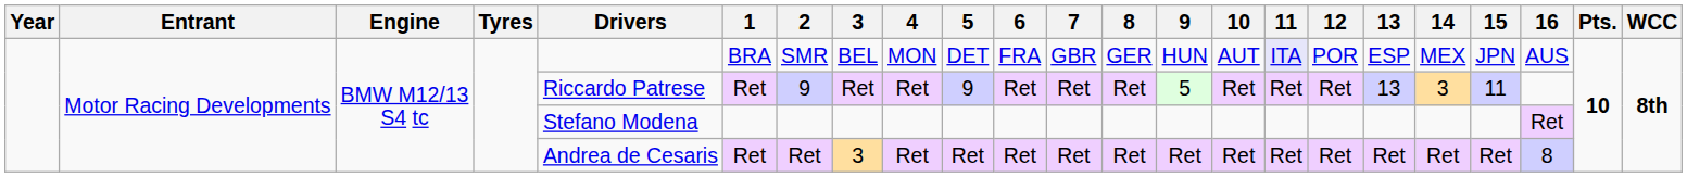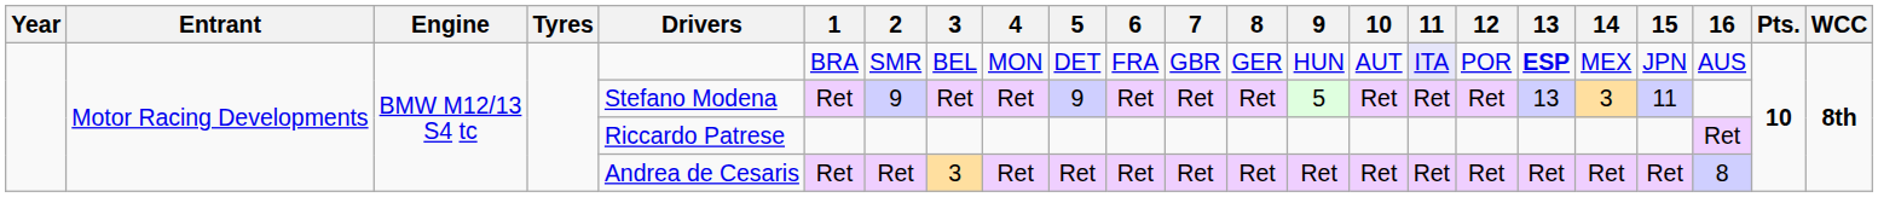 <table class="wikitable" style="text-align:center; font-size:95%">
 <tr>
 <th>Year</th>
 <th>Entrant</th>
 <th>Engine</th>
 <th>Tyres</th>
 <th>Drivers</th>
 <th>1</th>
 <th>2</th>
 <th>3</th>
 <th>4</th>
 <th>5</th>
 <th>6</th>
 <th>7</th>
 <th>8</th>
 <th>9</th>
 <th>10</th>
 <th>11</th>
 <th>12</th>
 <th>13</th>
 <th>14</th>
 <th>15</th>
 <th>16</th>
 <th>Pts.</th>
 <th>WCC</th>
 </tr>
 <tr>
 <td rowspan="4"></td>
 <td rowspan="4"><a href='#'>Motor Racing Developments</a></td>
 <td rowspan="4"><a href='#'>BMW M12/13</a><br><a href='#'>S4</a> <a href='#'>tc</a></td>
 <td rowspan="4"></td>
 <td></td>
 <td><a href='#'>BRA</a></td>
 <td><a href='#'>SMR</a></td>
 <td><a href='#'>BEL</a></td>
 <td><a href='#'>MON</a></td>
 <td><a href='#'>DET</a></td>
 <td><a href='#'>FRA</a></td>
 <td><a href='#'>GBR</a></td>
 <td><a href='#'>GER</a></td>
 <td><a href='#'>HUN</a></td>
 <td><a href='#'>AUT</a></td>
 <td style="background: lavender;"><a href='#'>ITA</a></td>
 <td><a href='#'>POR</a></td>
-<td><a href='#'>ESP</a></td>
+<td><strong><a href='#'>ESP</a></strong></td>
 <td><a href='#'>MEX</a></td>
 <td><a href='#'>JPN</a></td>
 <td><a href='#'>AUS</a></td>
 <td rowspan="4"><strong>10</strong></td>
 <td rowspan="4"><strong>8th</strong></td>
 </tr>
 <tr>
-<td align="left"><a href='#'>Riccardo Patrese</a></td>
+<td align="left"><a href='#'>Stefano Modena</a></td>
 <td style="background:#efcfff;">Ret</td>
 <td style="background:#cfcfff;">9</td>
 <td style="background:#efcfff;">Ret</td>
 <td style="background:#efcfff;">Ret</td>
 <td style="background:#cfcfff;">9</td>
 <td style="background:#efcfff;">Ret</td>
 <td style="background:#efcfff;">Ret</td>
 <td style="background:#efcfff;">Ret</td>
 <td style="background:#dfffdf;">5</td>
 <td style="background:#efcfff;">Ret</td>
 <td style="background:#efcfff;">Ret</td>
 <td style="background:#efcfff;">Ret</td>
 <td style="background:#cfcfff;">13</td>
 <td style="background:#ffdf9f;">3</td>
 <td style="background:#cfcfff;">11</td>
 <td></td>
 </tr>
 <tr>
-<td align="left"><a href='#'>Stefano Modena</a></td>
+<td align="left"><a href='#'>Riccardo Patrese</a></td>
 <td></td>
 <td></td>
 <td></td>
 <td></td>
 <td></td>
 <td></td>
 <td></td>
 <td></td>
 <td></td>
 <td></td>
 <td></td>
 <td></td>
 <td></td>
 <td></td>
 <td></td>
 <td style="background:#efcfff;">Ret</td>
 </tr>
 <tr>
 <td align="left"><a href='#'>Andrea de Cesaris</a></td>
 <td style="background:#efcfff;">Ret</td>
 <td style="background:#efcfff;">Ret</td>
 <td style="background:#ffdf9f;">3</td>
 <td style="background:#efcfff;">Ret</td>
 <td style="background:#efcfff;">Ret</td>
 <td style="background:#efcfff;">Ret</td>
 <td style="background:#efcfff;">Ret</td>
 <td style="background:#efcfff;">Ret</td>
 <td style="background:#efcfff;">Ret</td>
 <td style="background:#efcfff;">Ret</td>
 <td style="background:#efcfff;">Ret</td>
 <td style="background:#efcfff;">Ret</td>
 <td style="background:#efcfff;">Ret</td>
 <td style="background:#efcfff;">Ret</td>
 <td style="background:#efcfff;">Ret</td>
 <td style="background:#cfcfff;">8</td>
 </tr>
 </table>
